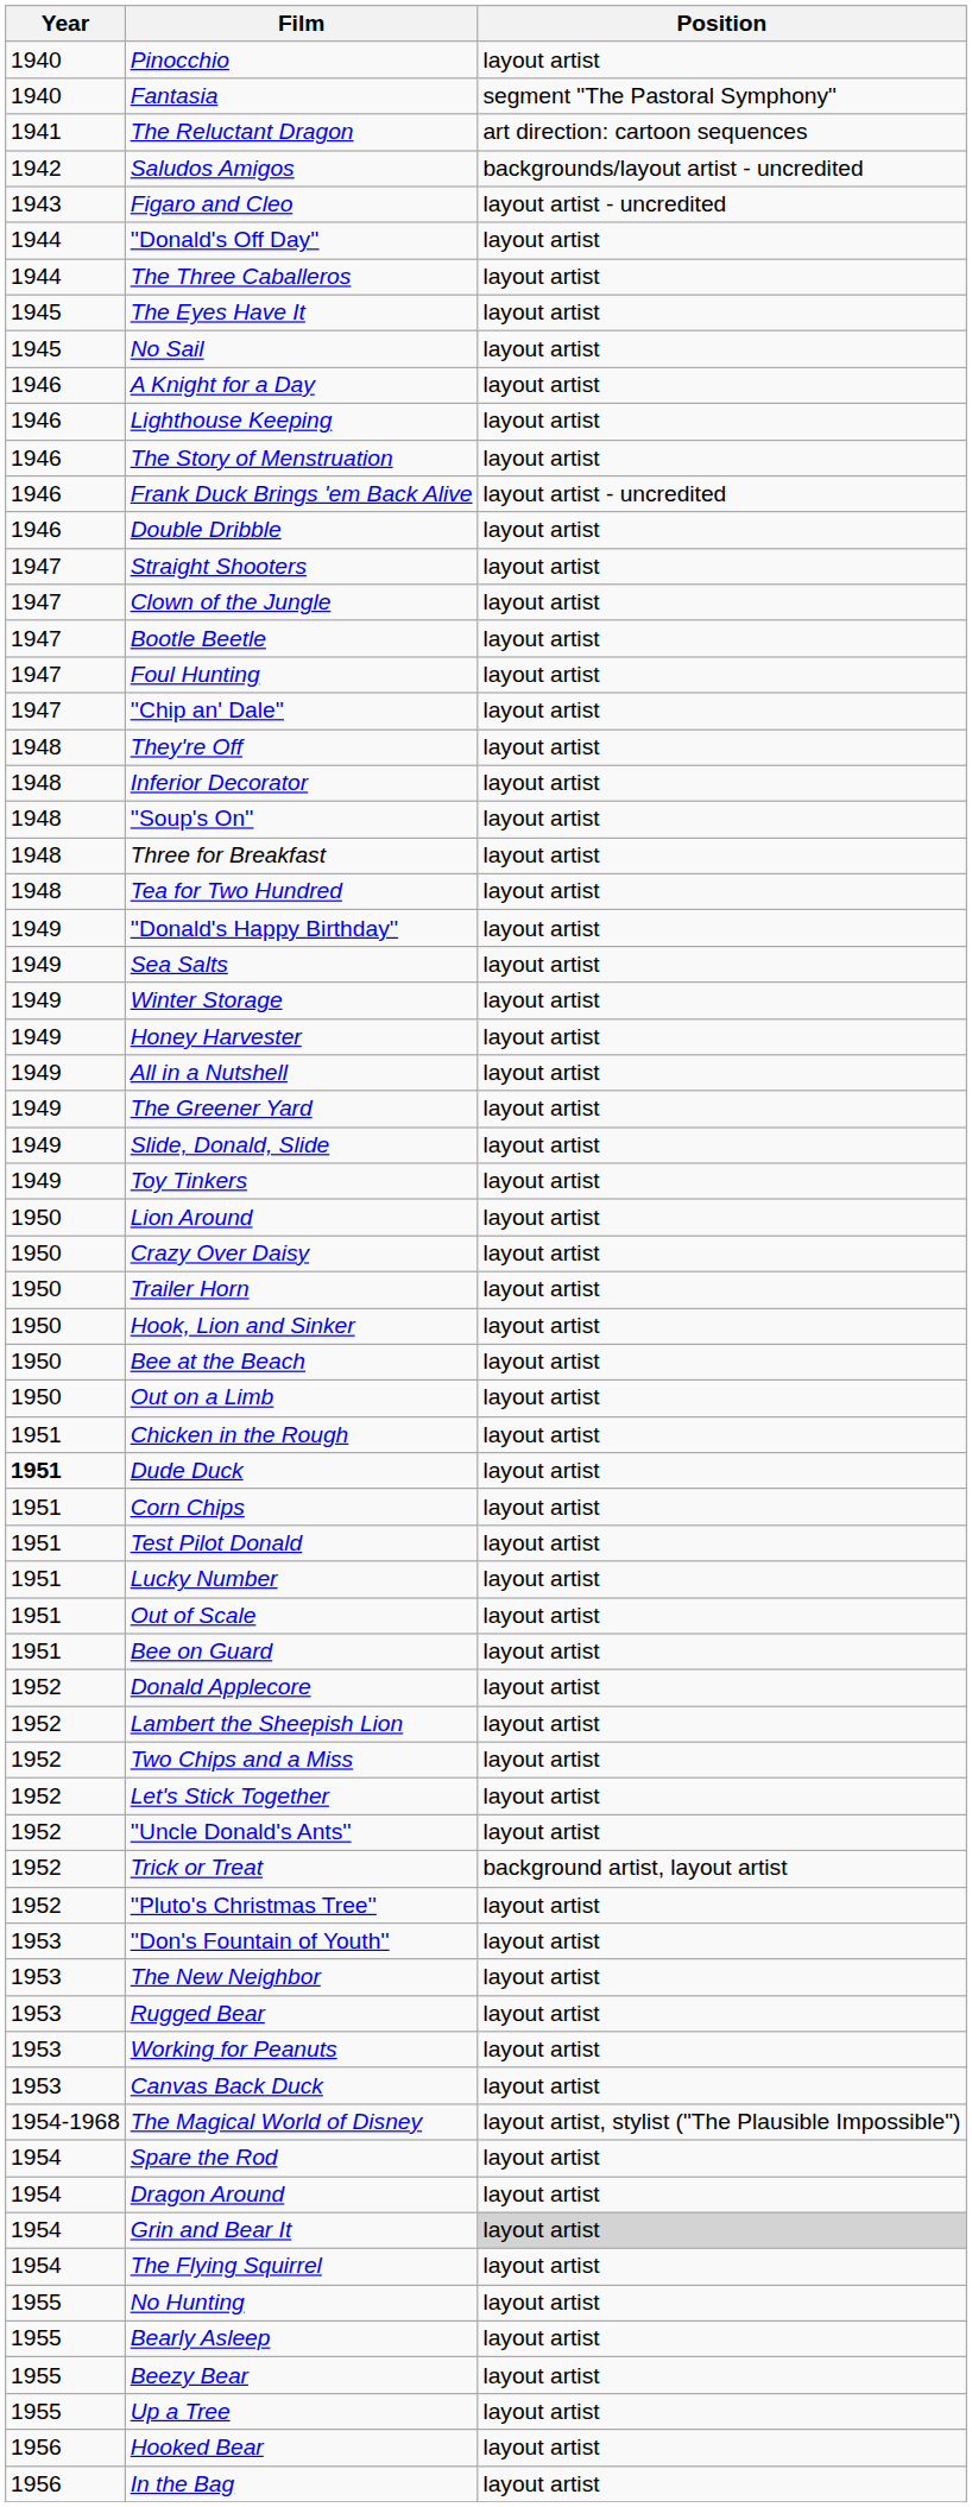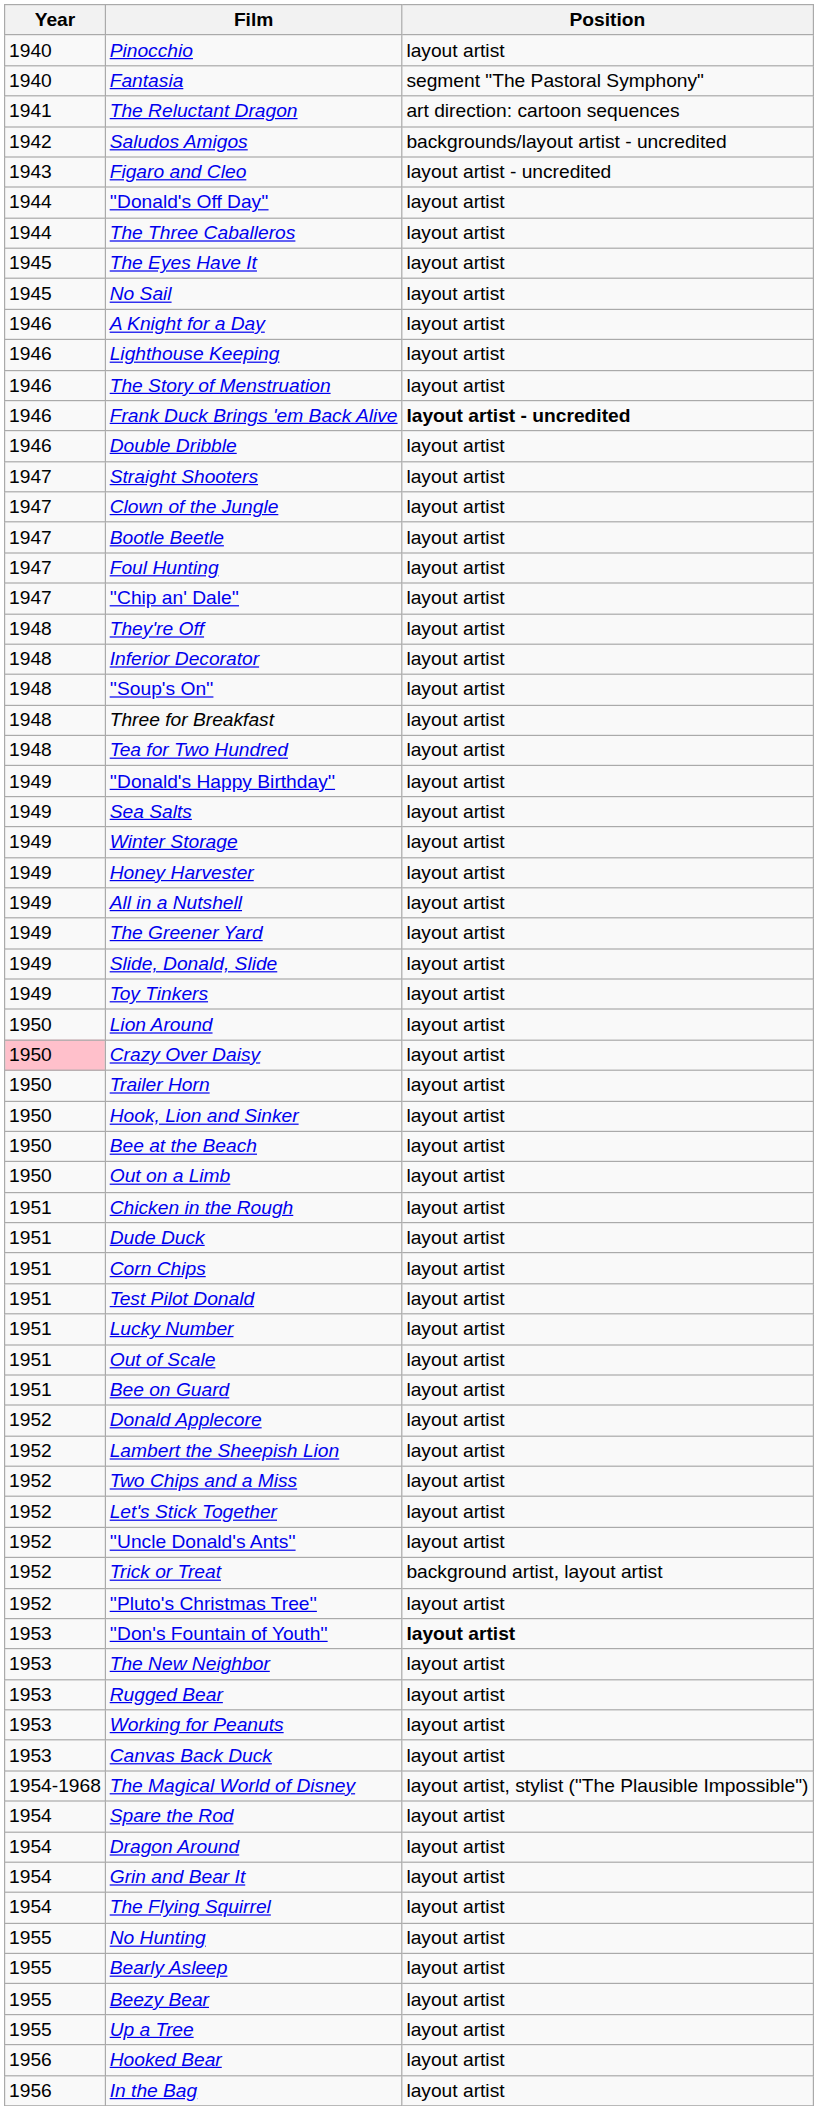 <table class="wikitable">
 <tr>
 <th>Year</th>
 <th>Film</th>
 <th>Position</th>
 </tr>
 <tr>
 <td>1940</td>
 <td><a href='#'><em>Pinocchio</em></a></td>
 <td>layout artist</td>
 </tr>
 <tr>
 <td>1940</td>
 <td><a href='#'><em>Fantasia</em></a></td>
 <td>segment "The Pastoral Symphony"</td>
 </tr>
 <tr>
 <td>1941</td>
 <td><a href='#'><em>The Reluctant Dragon</em></a></td>
 <td>art direction: cartoon sequences</td>
 </tr>
 <tr>
 <td>1942</td>
 <td><em><a href='#'>Saludos Amigos</a></em></td>
 <td>backgrounds/layout artist - uncredited</td>
 </tr>
 <tr>
 <td>1943</td>
 <td><a href='#'><em>Figaro and Cleo</em></a></td>
 <td>layout artist - uncredited</td>
 </tr>
 <tr>
 <td>1944</td>
 <td><a href='#'>''Donald's Off Day''</a></td>
 <td>layout artist</td>
 </tr>
 <tr>
 <td>1944</td>
 <td><em><a href='#'>The Three Caballeros</a></em></td>
 <td>layout artist</td>
 </tr>
 <tr>
 <td>1945</td>
 <td><a href='#'><em>The Eyes Have It</em></a></td>
 <td>layout artist</td>
 </tr>
 <tr>
 <td>1945</td>
 <td><em><a href='#'>No Sail</a></em></td>
 <td>layout artist</td>
 </tr>
 <tr>
 <td>1946</td>
 <td><em><a href='#'>A Knight for a Day</a></em></td>
 <td>layout artist</td>
 </tr>
 <tr>
 <td>1946</td>
 <td><em><a href='#'>Lighthouse Keeping</a></em></td>
 <td>layout artist</td>
 </tr>
 <tr>
 <td>1946</td>
 <td><em><a href='#'>The Story of Menstruation</a></em></td>
 <td>layout artist</td>
 </tr>
 <tr>
 <td>1946</td>
 <td><a href='#'><em>Frank Duck Brings 'em Back Alive</em></a></td>
-<td>layout artist - uncredited</td>
+<td><strong>layout artist - uncredited</strong></td>
 </tr>
 <tr>
 <td>1946</td>
 <td><a href='#'><em>Double Dribble</em></a></td>
 <td>layout artist</td>
 </tr>
 <tr>
 <td>1947</td>
 <td><em><a href='#'>Straight Shooters</a></em></td>
 <td>layout artist</td>
 </tr>
 <tr>
 <td>1947</td>
 <td><em><a href='#'>Clown of the Jungle</a></em></td>
 <td>layout artist</td>
 </tr>
 <tr>
 <td>1947</td>
 <td><em><a href='#'>Bootle Beetle</a></em></td>
 <td>layout artist</td>
 </tr>
 <tr>
 <td>1947</td>
 <td><a href='#'><em>Foul Hunting</em></a></td>
 <td>layout artist</td>
 </tr>
 <tr>
 <td>1947</td>
 <td><a href='#'>''Chip an' Dale''</a></td>
 <td>layout artist</td>
 </tr>
 <tr>
 <td>1948</td>
 <td><a href='#'><em>They're Off</em></a></td>
 <td>layout artist</td>
 </tr>
 <tr>
 <td>1948</td>
 <td><em><a href='#'>Inferior Decorator</a></em></td>
 <td>layout artist</td>
 </tr>
 <tr>
 <td>1948</td>
 <td><a href='#'>''Soup's On''</a></td>
 <td>layout artist</td>
 </tr>
 <tr>
 <td>1948</td>
 <td><em>Three for Breakfast</em></td>
 <td>layout artist</td>
 </tr>
 <tr>
 <td>1948</td>
 <td><em><a href='#'>Tea for Two Hundred</a></em></td>
 <td>layout artist</td>
 </tr>
 <tr>
 <td>1949</td>
 <td><a href='#'>''Donald's Happy Birthday''</a></td>
 <td>layout artist</td>
 </tr>
 <tr>
 <td>1949</td>
 <td><em><a href='#'>Sea Salts</a></em></td>
 <td>layout artist</td>
 </tr>
 <tr>
 <td>1949</td>
 <td><em><a href='#'>Winter Storage</a></em></td>
 <td>layout artist</td>
 </tr>
 <tr>
 <td>1949</td>
 <td><em><a href='#'>Honey Harvester</a></em></td>
 <td>layout artist</td>
 </tr>
 <tr>
 <td>1949</td>
 <td><em><a href='#'>All in a Nutshell</a></em></td>
 <td>layout artist</td>
 </tr>
 <tr>
 <td>1949</td>
 <td><em><a href='#'>The Greener Yard</a></em></td>
 <td>layout artist</td>
 </tr>
 <tr>
 <td>1949</td>
 <td><em><a href='#'>Slide, Donald, Slide</a></em></td>
 <td>layout artist</td>
 </tr>
 <tr>
 <td>1949</td>
 <td><em><a href='#'>Toy Tinkers</a></em></td>
 <td>layout artist</td>
 </tr>
 <tr>
 <td>1950</td>
 <td><em><a href='#'>Lion Around</a></em></td>
 <td>layout artist</td>
 </tr>
 <tr>
-<td>1950</td>
+<td style="background: pink;">1950</td>
 <td><em><a href='#'>Crazy Over Daisy</a></em></td>
 <td>layout artist</td>
 </tr>
 <tr>
 <td>1950</td>
 <td><em><a href='#'>Trailer Horn</a></em></td>
 <td>layout artist</td>
 </tr>
 <tr>
 <td>1950</td>
 <td><em><a href='#'>Hook, Lion and Sinker</a></em></td>
 <td>layout artist</td>
 </tr>
 <tr>
 <td>1950</td>
 <td><em><a href='#'>Bee at the Beach</a></em></td>
 <td>layout artist</td>
 </tr>
 <tr>
 <td>1950</td>
 <td><a href='#'><em>Out on a Limb</em></a></td>
 <td>layout artist</td>
 </tr>
 <tr>
 <td>1951</td>
 <td><a href='#'><em>Chicken in the Rough</em></a></td>
 <td>layout artist</td>
 </tr>
 <tr>
-<td><strong>1951</strong></td>
+<td>1951</td>
 <td><em><a href='#'>Dude Duck</a></em></td>
 <td>layout artist</td>
 </tr>
 <tr>
 <td>1951</td>
 <td><em><a href='#'>Corn Chips</a></em></td>
 <td>layout artist</td>
 </tr>
 <tr>
 <td>1951</td>
 <td><em><a href='#'>Test Pilot Donald</a></em></td>
 <td>layout artist</td>
 </tr>
 <tr>
 <td>1951</td>
 <td><a href='#'><em>Lucky Number</em></a></td>
 <td>layout artist</td>
 </tr>
 <tr>
 <td>1951</td>
 <td><em><a href='#'>Out of Scale</a></em></td>
 <td>layout artist</td>
 </tr>
 <tr>
 <td>1951</td>
 <td><em><a href='#'>Bee on Guard</a></em></td>
 <td>layout artist</td>
 </tr>
 <tr>
 <td>1952</td>
 <td><em><a href='#'>Donald Applecore</a></em></td>
 <td>layout artist</td>
 </tr>
 <tr>
 <td>1952</td>
 <td><em><a href='#'>Lambert the Sheepish Lion</a></em></td>
 <td>layout artist</td>
 </tr>
 <tr>
 <td>1952</td>
 <td><em><a href='#'>Two Chips and a Miss</a></em></td>
 <td>layout artist</td>
 </tr>
 <tr>
 <td>1952</td>
 <td><a href='#'><em>Let's Stick Together</em></a></td>
 <td>layout artist</td>
 </tr>
 <tr>
 <td>1952</td>
 <td><a href='#'>''Uncle Donald's Ants''</a></td>
 <td>layout artist</td>
 </tr>
 <tr>
 <td>1952</td>
 <td><a href='#'><em>Trick or Treat</em></a></td>
 <td>background artist, layout artist</td>
 </tr>
 <tr>
 <td>1952</td>
 <td><a href='#'>''Pluto's Christmas Tree''</a></td>
 <td>layout artist</td>
 </tr>
 <tr>
 <td>1953</td>
 <td><a href='#'>''Don's Fountain of Youth''</a></td>
-<td>layout artist</td>
+<td><strong>layout artist</strong></td>
 </tr>
 <tr>
 <td>1953</td>
 <td><em><a href='#'>The New Neighbor</a></em></td>
 <td>layout artist</td>
 </tr>
 <tr>
 <td>1953</td>
 <td><em><a href='#'>Rugged Bear</a></em></td>
 <td>layout artist</td>
 </tr>
 <tr>
 <td>1953</td>
 <td><em><a href='#'>Working for Peanuts</a></em></td>
 <td>layout artist</td>
 </tr>
 <tr>
 <td>1953</td>
 <td><em><a href='#'>Canvas Back Duck</a></em></td>
 <td>layout artist</td>
 </tr>
 <tr>
 <td>1954-1968</td>
 <td><em><a href='#'>The Magical World of Disney</a></em></td>
 <td>layout artist, stylist ("The Plausible Impossible")</td>
 </tr>
 <tr>
 <td>1954</td>
 <td><a href='#'><em>Spare the Rod</em></a></td>
 <td>layout artist</td>
 </tr>
 <tr>
 <td>1954</td>
 <td><em><a href='#'>Dragon Around</a></em></td>
 <td>layout artist</td>
 </tr>
 <tr>
 <td>1954</td>
 <td><a href='#'><em>Grin and Bear It</em></a></td>
-<td style="background: lightgrey;">layout artist</td>
+<td>layout artist</td>
 </tr>
 <tr>
 <td>1954</td>
 <td><em><a href='#'>The Flying Squirrel</a></em></td>
 <td>layout artist</td>
 </tr>
 <tr>
 <td>1955</td>
 <td><em><a href='#'>No Hunting</a></em></td>
 <td>layout artist</td>
 </tr>
 <tr>
 <td>1955</td>
 <td><em><a href='#'>Bearly Asleep</a></em></td>
 <td>layout artist</td>
 </tr>
 <tr>
 <td>1955</td>
 <td><em><a href='#'>Beezy Bear</a></em></td>
 <td>layout artist</td>
 </tr>
 <tr>
 <td>1955</td>
 <td><a href='#'><em>Up a Tree</em></a></td>
 <td>layout artist</td>
 </tr>
 <tr>
 <td>1956</td>
 <td><em><a href='#'>Hooked Bear</a></em></td>
 <td>layout artist</td>
 </tr>
 <tr>
 <td>1956</td>
 <td><em><a href='#'>In the Bag</a></em></td>
 <td>layout artist</td>
 </tr>
 </table>
